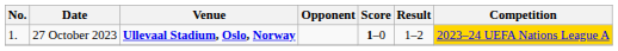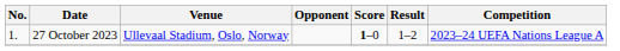 <table class="wikitable">
 <tr>
 <th>No.</th>
 <th>Date</th>
 <th>Venue</th>
 <th>Opponent</th>
 <th>Score</th>
 <th>Result</th>
 <th>Competition</th>
 </tr>
 <tr>
 <td>1.</td>
 <td>27 October 2023</td>
-<td><strong><a href='#'>Ullevaal Stadium</a>, <a href='#'>Oslo</a>, <a href='#'>Norway</a></strong></td>
+<td><a href='#'>Ullevaal Stadium</a>, <a href='#'>Oslo</a>, <a href='#'>Norway</a></td>
 <td></td>
 <td align=center><strong>1</strong>–0</td>
 <td align=center>1–2</td>
-<td style="background: gold;"><a href='#'>2023–24 UEFA Nations League A</a></td>
+<td><a href='#'>2023–24 UEFA Nations League A</a></td>
 </tr>
 <tr>
 </tr>
 </table>
